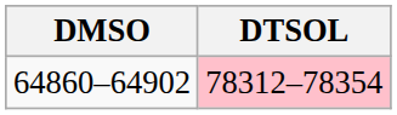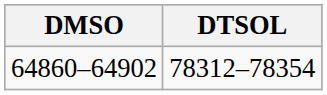 <table class="wikitable">
 <tr>
 <th>DMSO</th>
 <th>DTSOL</th>
 </tr>
 <tr>
 <td align=center>64860–64902</td>
-<td align=center style="background: pink;">78312–78354</td>
+<td align=center>78312–78354</td>
 </tr>
 </table>
